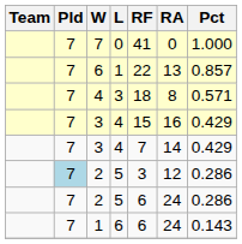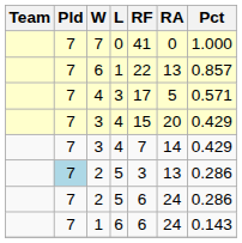 <table class="wikitable">
 <tr>
 <th bgcolor="#efefef"><strong>Team</strong></th>
 <th bgcolor="#efefef"><strong>Pld</strong></th>
 <th bgcolor="#efefef"><strong>W</strong></th>
 <th bgcolor="#efefef"><strong>L</strong></th>
 <th bgcolor="#efefef"><strong>RF</strong></th>
 <th bgcolor="#efefef"><strong>RA</strong></th>
 <th bgcolor="#efefef"><strong>Pct</strong></th>
 </tr>
 <tr align=center bgcolor="#ffffcc">
 <td align=left></td>
 <td>7</td>
 <td>7</td>
 <td>0</td>
 <td>41</td>
 <td>0</td>
 <td>1.000</td>
 </tr>
 <tr align=center bgcolor="#ffffcc">
 <td align=left></td>
 <td>7</td>
 <td>6</td>
 <td>1</td>
 <td>22</td>
 <td>13</td>
 <td>0.857</td>
 </tr>
 <tr align=center bgcolor="#ffffcc">
 <td align=left></td>
 <td>7</td>
 <td>4</td>
 <td>3</td>
-<td>18</td>
-<td>8</td>
+<td>17</td>
+<td>5</td>
 <td>0.571</td>
 </tr>
 <tr align=center bgcolor="#ffffcc">
 <td align=left></td>
 <td>7</td>
 <td>3</td>
 <td>4</td>
 <td>15</td>
-<td>16</td>
+<td>20</td>
 <td>0.429</td>
 </tr>
 <tr align=center>
 <td align=left></td>
 <td>7</td>
 <td>3</td>
 <td>4</td>
 <td>7</td>
 <td>14</td>
 <td>0.429</td>
 </tr>
 <tr align=center>
 <td align=left></td>
 <td style="background: lightblue;">7</td>
 <td>2</td>
 <td>5</td>
 <td>3</td>
-<td>12</td>
+<td>13</td>
 <td>0.286</td>
 </tr>
 <tr align=center>
 <td align=left></td>
 <td>7</td>
 <td>2</td>
 <td>5</td>
 <td>6</td>
 <td>24</td>
 <td>0.286</td>
 </tr>
 <tr align=center>
 <td align=left></td>
 <td>7</td>
 <td>1</td>
 <td>6</td>
 <td>6</td>
 <td>24</td>
 <td>0.143</td>
 </tr>
 <tr>
 </tr>
 </table>
